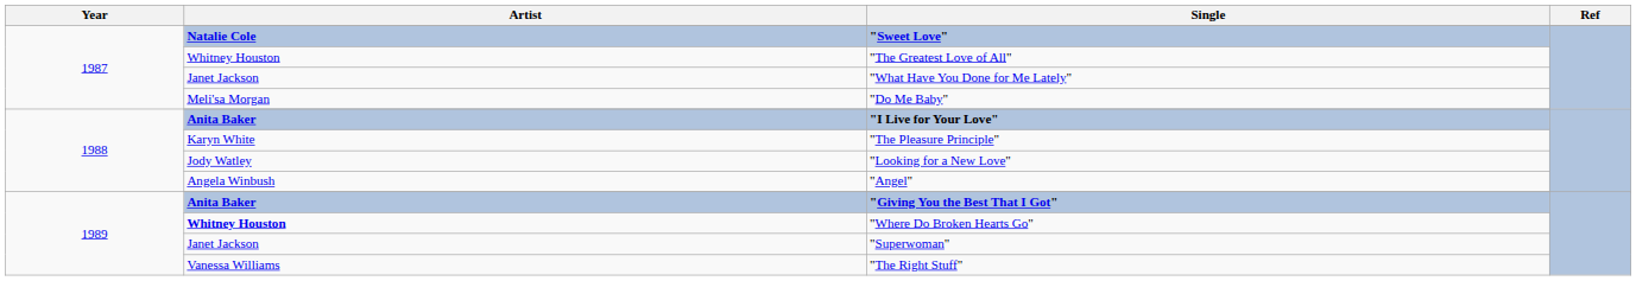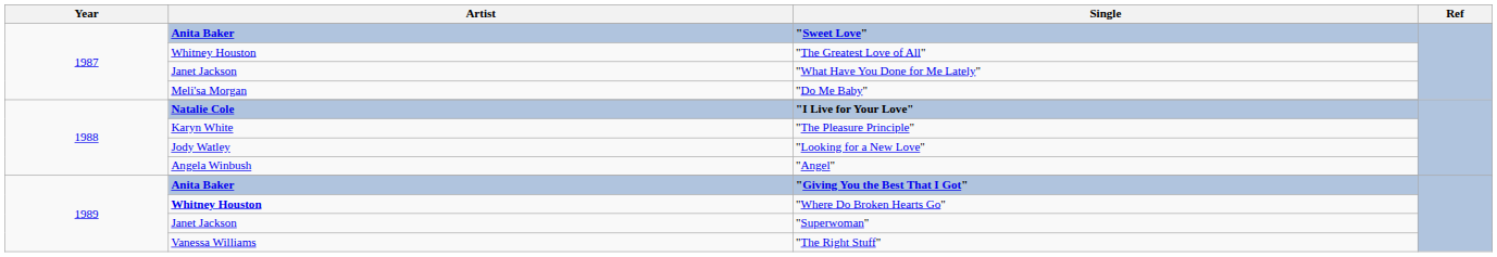 <table class="wikitable" style="width:100%;">
 <tr style="background:#bebebe;">
 <th style="width:11%;">Year</th>
 <th style="width:42%;">Artist</th>
 <th style="width:42%;">Single</th>
 <th style="width:5%;">Ref</th>
 </tr>
 <tr>
 <td rowspan="5" align="center"><a href='#'>1987</a></td>
 </tr>
 <tr style="background:#B0C4DE">
-<td><strong><a href='#'>Natalie Cole</a></strong></td>
+<td><strong><a href='#'>Anita Baker</a></strong></td>
 <td><strong>"<a href='#'>Sweet Love</a>"</strong></td>
 <td rowspan="5" align="center"></td>
 </tr>
 <tr>
 <td><a href='#'>Whitney Houston</a></td>
 <td>"<a href='#'>The Greatest Love of All</a>"</td>
 </tr>
 <tr>
 <td><a href='#'>Janet Jackson</a></td>
 <td>"<a href='#'>What Have You Done for Me Lately</a>"</td>
 </tr>
 <tr>
 <td><a href='#'>Meli'sa Morgan</a></td>
 <td>"<a href='#'>Do Me Baby</a>"</td>
 </tr>
 <tr>
 <td rowspan="5" align="center"><a href='#'>1988</a></td>
 </tr>
 <tr style="background:#B0C4DE">
-<td><strong><a href='#'>Anita Baker</a></strong></td>
+<td><strong><a href='#'>Natalie Cole</a></strong></td>
 <td><strong>"I Live for Your Love"</strong></td>
 <td rowspan="5" align="center"></td>
 </tr>
 <tr>
 <td><a href='#'>Karyn White</a></td>
 <td>"<a href='#'>The Pleasure Principle</a>"</td>
 </tr>
 <tr>
 <td><a href='#'>Jody Watley</a></td>
 <td>"<a href='#'>Looking for a New Love</a>"</td>
 </tr>
 <tr>
 <td><a href='#'>Angela Winbush</a></td>
 <td>"<a href='#'>Angel</a>"</td>
 </tr>
 <tr>
 <td rowspan="5" align="center"><a href='#'>1989</a></td>
 </tr>
 <tr style="background:#B0C4DE">
 <td><strong><a href='#'>Anita Baker</a></strong></td>
 <td><strong>"<a href='#'>Giving You the Best That I Got</a>"</strong></td>
 <td rowspan="5" align="center"></td>
 </tr>
 <tr>
 <td><strong><a href='#'>Whitney Houston</a></strong></td>
 <td>"<a href='#'>Where Do Broken Hearts Go</a>"</td>
 </tr>
 <tr>
 <td><a href='#'>Janet Jackson</a></td>
 <td>"<a href='#'>Superwoman</a>"</td>
 </tr>
 <tr>
 <td><a href='#'>Vanessa Williams</a></td>
 <td>"<a href='#'>The Right Stuff</a>"</td>
 </tr>
 </table>
